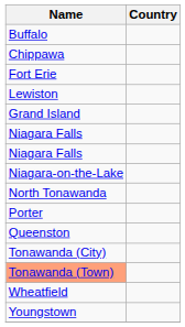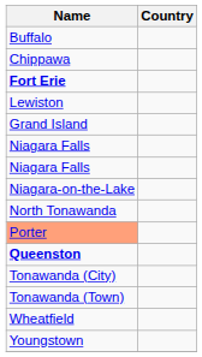 <table class="wikitable sortable" style="margin:1em auto;">
 <tr>
 <th>Name</th>
 <th>Country</th>
 </tr>
 <tr>
 <td><a href='#'>Buffalo</a></td>
 <td></td>
 </tr>
 <tr>
 <td><a href='#'>Chippawa</a></td>
 <td></td>
 </tr>
 <tr>
-<td><a href='#'>Fort Erie</a></td>
+<td><strong><a href='#'>Fort Erie</a></strong></td>
 <td></td>
 </tr>
 <tr>
 <td><a href='#'>Lewiston</a></td>
 <td></td>
 </tr>
 <tr>
 <td><a href='#'>Grand Island</a></td>
 <td></td>
 </tr>
 <tr>
 <td><a href='#'>Niagara Falls</a></td>
 <td></td>
 </tr>
 <tr>
 <td><a href='#'>Niagara Falls</a></td>
 <td></td>
 </tr>
 <tr>
 <td><a href='#'>Niagara-on-the-Lake</a></td>
 <td></td>
 </tr>
 <tr>
 <td><a href='#'>North Tonawanda</a></td>
 <td></td>
 </tr>
 <tr>
-<td><a href='#'>Porter</a></td>
+<td style="background: lightsalmon;"><a href='#'>Porter</a></td>
 <td></td>
 </tr>
 <tr>
-<td><a href='#'>Queenston</a></td>
+<td><strong><a href='#'>Queenston</a></strong></td>
 <td></td>
 </tr>
 <tr>
 <td><a href='#'>Tonawanda (City)</a></td>
 <td></td>
 </tr>
 <tr>
-<td style="background: lightsalmon;"><a href='#'>Tonawanda (Town)</a></td>
+<td><a href='#'>Tonawanda (Town)</a></td>
 <td></td>
 </tr>
 <tr>
 <td><a href='#'>Wheatfield</a></td>
 <td></td>
 </tr>
 <tr>
 <td><a href='#'>Youngstown</a></td>
 <td></td>
 </tr>
 <tr>
 </tr>
 </table>
